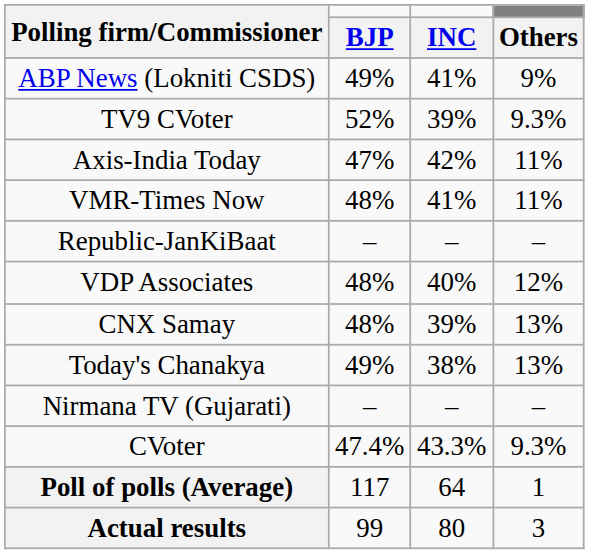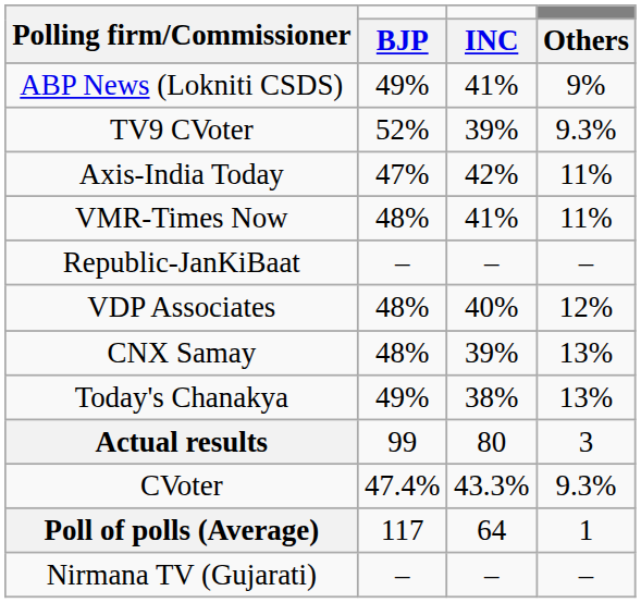 <table class="wikitable" style="text-align:center;font-size:95%;line-height:16px;">
 <tr>
 <th rowspan="2" class="wikitable">Polling firm/Commissioner</th>
 <td></td>
 <td></td>
 <td style="background:gray;"></td>
 </tr>
 <tr>
 <th class="wikitable"><a href='#'>BJP</a></th>
 <th class="wikitable"><a href='#'>INC</a></th>
 <th class="wikitable">Others</th>
 </tr>
 <tr>
 <td><a href='#'>ABP News</a> (Lokniti CSDS)</td>
 <td style="background:">49%<br></td>
 <td>41%<br></td>
 <td>9%<br></td>
 </tr>
 <tr>
 <td>TV9 CVoter</td>
 <td style="background:">52%<br></td>
 <td>39%<br></td>
 <td>9.3%<br></td>
 </tr>
 <tr>
 <td>Axis-India Today</td>
 <td style="background:">47%<br></td>
 <td>42%<br></td>
 <td>11%<br></td>
 </tr>
 <tr>
 <td>VMR-Times Now</td>
 <td style="background:">48%<br></td>
 <td>41%<br></td>
 <td>11%<br></td>
 </tr>
 <tr>
 <td>Republic-JanKiBaat</td>
 <td style="background:">–<br></td>
 <td>–<br></td>
 <td>–<br></td>
 </tr>
 <tr>
 <td>VDP Associates</td>
 <td style="background:">48%<br></td>
 <td>40%<br></td>
 <td>12%<br></td>
 </tr>
 <tr>
 <td>CNX Samay</td>
 <td style="background:">48%<br></td>
 <td>39%<br></td>
 <td>13%<br></td>
 </tr>
 <tr>
 <td>Today's Chanakya</td>
 <td style="background:">49%<br></td>
 <td>38%<br></td>
 <td>13%<br></td>
 </tr>
 <tr>
-<td>Nirmana TV (Gujarati)</td>
-<td style="background:">–<br></td>
-<td>–<br></td>
-<td>–<br></td>
+<th>Actual results</th>
+<td style="background:">99</td>
+<td>80</td>
+<td>3</td>
 </tr>
 <tr>
 <td>CVoter</td>
 <td style="background:">47.4%<br></td>
 <td>43.3%<br></td>
 <td>9.3%<br></td>
 </tr>
 <tr>
 <th>Poll of polls (Average)</th>
 <td style="background:">117</td>
 <td>64</td>
 <td>1</td>
 </tr>
 <tr>
-<th>Actual results</th>
-<td style="background:">99</td>
-<td>80</td>
-<td>3</td>
+<td>Nirmana TV (Gujarati)</td>
+<td style="background:">–<br></td>
+<td>–<br></td>
+<td>–<br></td>
 </tr>
 </table>
